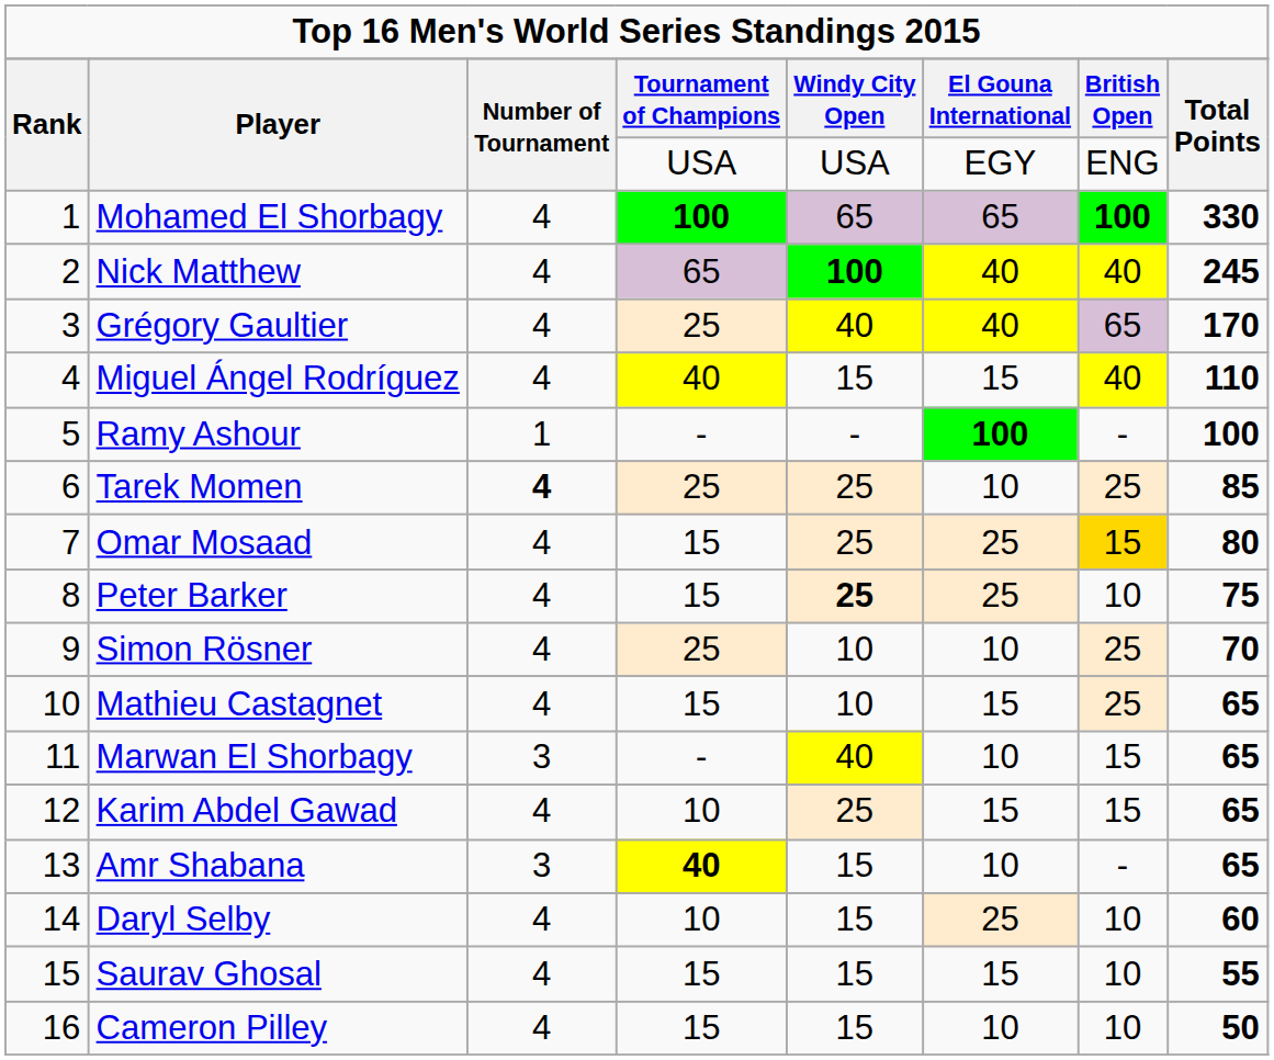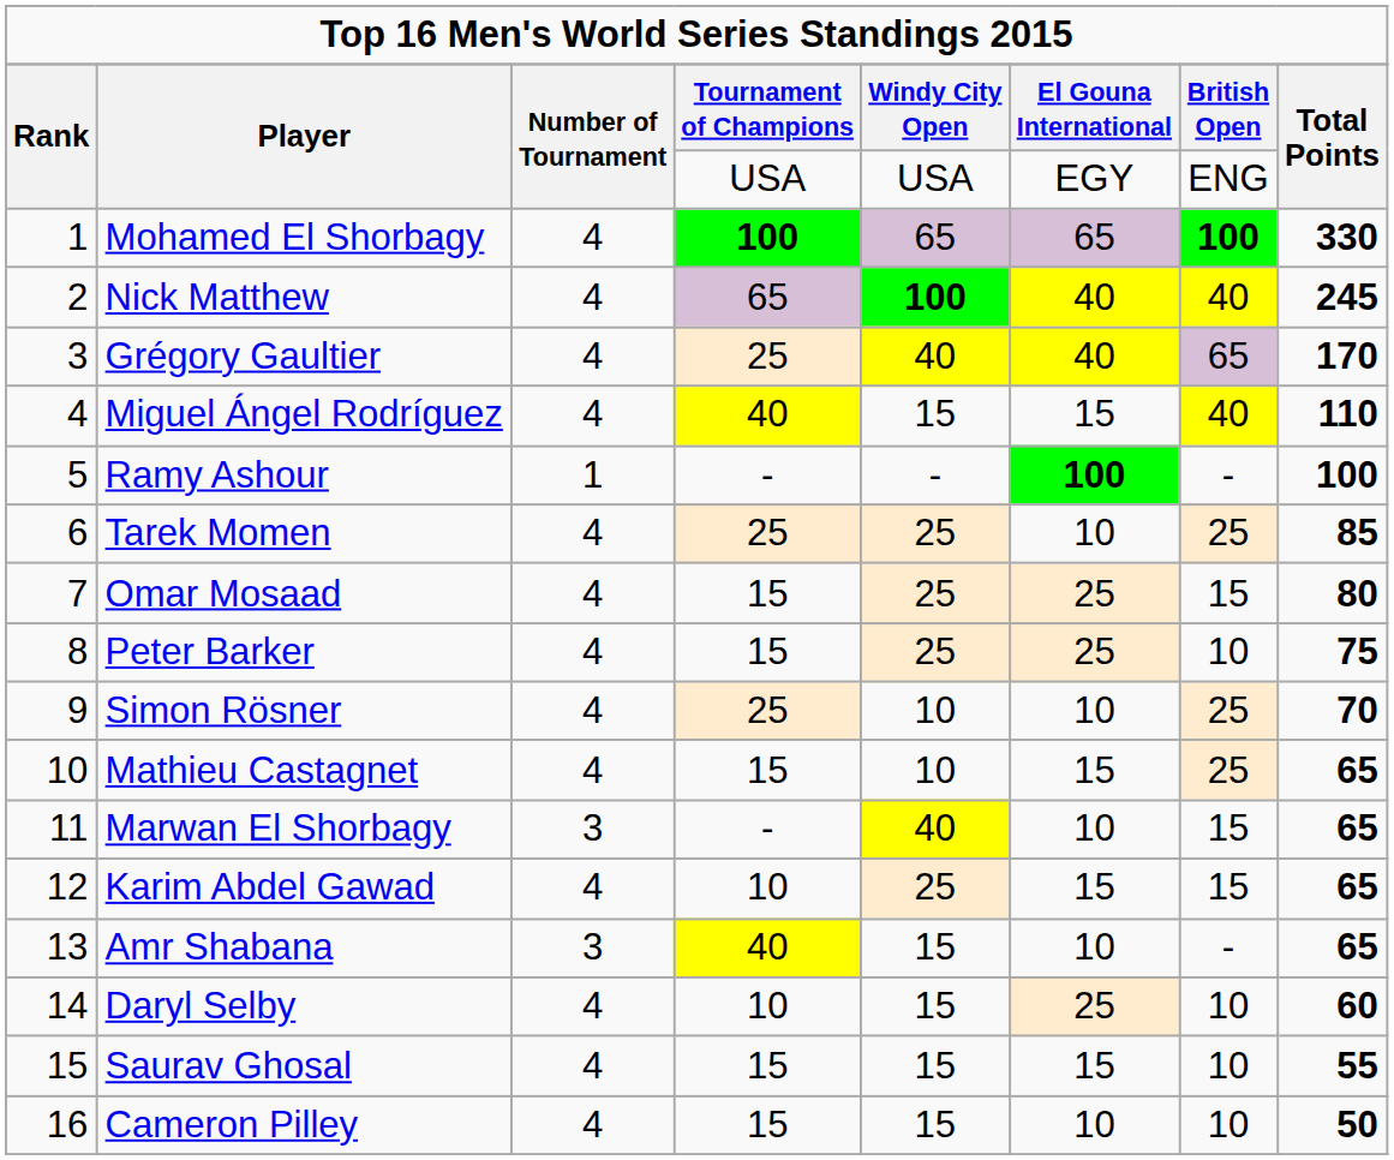 <table class="wikitable">
 <tr>
 <td colspan=13 align="center"><strong>Top 16 Men's World Series Standings 2015</strong></td>
 </tr>
 <tr>
 </tr>
 <tr style="font-size:10pt;font-weight:bold">
 <th rowspan=2 align="center">Rank</th>
 <th rowspan=2 align="center">Player</th>
 <th rowspan=2 align="center"><small>Number of<br>Tournament</small></th>
 <th><small><a href='#'>Tournament<br>of Champions</a></small></th>
 <th><small><a href='#'>Windy City<br>Open</a></small></th>
 <th><small><a href='#'>El Gouna<br>International</a></small></th>
 <th><small><a href='#'>British<br>Open</a></small></th>
 <th rowspan=2 align="center">Total<br>Points</th>
 </tr>
 <tr>
 <td align="center">USA </td>
 <td align="center">USA </td>
 <td align="center">EGY </td>
 <td align="center">ENG </td>
 </tr>
 <tr>
 <td align=right>1</td>
 <td> <a href='#'>Mohamed El Shorbagy</a></td>
 <td align=center>4</td>
 <td align=center style="background:#00ff00"><strong>100</strong></td>
 <td align=center style="background:#D8BFD8;">65</td>
 <td align=center style="background:#D8BFD8;">65</td>
 <td align=center style="background:#00ff00"><strong>100</strong></td>
 <td align=right><strong>330</strong></td>
 </tr>
 <tr>
 <td align=right>2</td>
 <td> <a href='#'>Nick Matthew</a></td>
 <td align=center>4</td>
 <td align=center style="background:#D8BFD8;">65</td>
 <td align=center style="background:#00ff00"><strong>100</strong></td>
 <td align=center style="background:yellow;">40</td>
 <td align=center style="background:yellow;">40</td>
 <td align=right><strong>245</strong></td>
 </tr>
 <tr>
 <td align=right>3</td>
 <td> <a href='#'>Grégory Gaultier</a></td>
 <td align=center>4</td>
 <td align=center style="background:#ffebcd;">25</td>
 <td align=center style="background:yellow;">40</td>
 <td align=center style="background:yellow;">40</td>
 <td align=center style="background:#D8BFD8;">65</td>
 <td align=right><strong>170</strong></td>
 </tr>
 <tr>
 <td align=right>4</td>
 <td> <a href='#'>Miguel Ángel Rodríguez</a></td>
 <td align=center>4</td>
 <td align=center style="background:yellow;">40</td>
 <td align=center>15</td>
 <td align=center>15</td>
 <td align=center style="background:yellow;">40</td>
 <td align=right><strong>110</strong></td>
 </tr>
 <tr>
 <td align=right>5</td>
 <td> <a href='#'>Ramy Ashour</a></td>
 <td align=center>1</td>
 <td align=center>-</td>
 <td align=center>-</td>
 <td align=center style="background:#00ff00"><strong>100</strong></td>
 <td align=center>-</td>
 <td align=right><strong>100</strong></td>
 </tr>
 <tr>
 <td align=right>6</td>
 <td> <a href='#'>Tarek Momen</a></td>
-<td align=center><strong>4</strong></td>
+<td align=center>4</td>
 <td align=center style="background:#ffebcd;">25</td>
 <td align=center style="background:#ffebcd;">25</td>
 <td align=center>10</td>
 <td align=center style="background:#ffebcd;">25</td>
 <td align=right><strong>85</strong></td>
 </tr>
 <tr>
 <td align=right>7</td>
 <td> <a href='#'>Omar Mosaad</a></td>
 <td align=center>4</td>
 <td align=center>15</td>
 <td align=center style="background:#ffebcd;">25</td>
 <td align=center style="background:#ffebcd;">25</td>
-<td align=center style="background: gold;">15</td>
+<td align=center>15</td>
 <td align=right><strong>80</strong></td>
 </tr>
 <tr>
 <td align=right>8</td>
 <td> <a href='#'>Peter Barker</a></td>
 <td align=center>4</td>
 <td align=center>15</td>
-<td align=center style="background:#ffebcd;"><strong>25</strong></td>
+<td align=center style="background:#ffebcd;">25</td>
 <td align=center style="background:#ffebcd;">25</td>
 <td align=center>10</td>
 <td align=right><strong>75</strong></td>
 </tr>
 <tr>
 <td align=right>9</td>
 <td> <a href='#'>Simon Rösner</a></td>
 <td align=center>4</td>
 <td align=center style="background:#ffebcd;">25</td>
 <td align=center>10</td>
 <td align=center>10</td>
 <td align=center style="background:#ffebcd;">25</td>
 <td align=right><strong>70</strong></td>
 </tr>
 <tr>
 <td align=right>10</td>
 <td> <a href='#'>Mathieu Castagnet</a></td>
 <td align=center>4</td>
 <td align=center>15</td>
 <td align=center>10</td>
 <td align=center>15</td>
 <td align=center style="background:#ffebcd;">25</td>
 <td align=right><strong>65</strong></td>
 </tr>
 <tr>
 <td align=right>11</td>
 <td> <a href='#'>Marwan El Shorbagy</a></td>
 <td align=center>3</td>
 <td align=center>-</td>
 <td align=center style="background:yellow;">40</td>
 <td align=center>10</td>
 <td align=center>15</td>
 <td align=right><strong>65</strong></td>
 </tr>
 <tr>
 <td align=right>12</td>
 <td> <a href='#'>Karim Abdel Gawad</a></td>
 <td align=center>4</td>
 <td align=center>10</td>
 <td align=center style="background:#ffebcd;">25</td>
 <td align=center>15</td>
 <td align=center>15</td>
 <td align=right><strong>65</strong></td>
 </tr>
 <tr>
 <td align=right>13</td>
 <td> <a href='#'>Amr Shabana</a></td>
 <td align=center>3</td>
-<td align=center style="background:yellow;"><strong>40</strong></td>
+<td align=center style="background:yellow;">40</td>
 <td align=center>15</td>
 <td align=center>10</td>
 <td align=center>-</td>
 <td align=right><strong>65</strong></td>
 </tr>
 <tr>
 <td align=right>14</td>
 <td> <a href='#'>Daryl Selby</a></td>
 <td align=center>4</td>
 <td align=center>10</td>
 <td align=center>15</td>
 <td align=center style="background:#ffebcd;">25</td>
 <td align=center>10</td>
 <td align=right><strong>60</strong></td>
 </tr>
 <tr>
 <td align=right>15</td>
 <td> <a href='#'>Saurav Ghosal</a></td>
 <td align=center>4</td>
 <td align=center>15</td>
 <td align=center>15</td>
 <td align=center>15</td>
 <td align=center>10</td>
 <td align=right><strong>55</strong></td>
 </tr>
 <tr>
 <td align=right>16</td>
 <td> <a href='#'>Cameron Pilley</a></td>
 <td align=center>4</td>
 <td align=center>15</td>
 <td align=center>15</td>
 <td align=center>10</td>
 <td align=center>10</td>
 <td align=right><strong>50</strong></td>
 </tr>
 <tr>
 </tr>
 </table>
